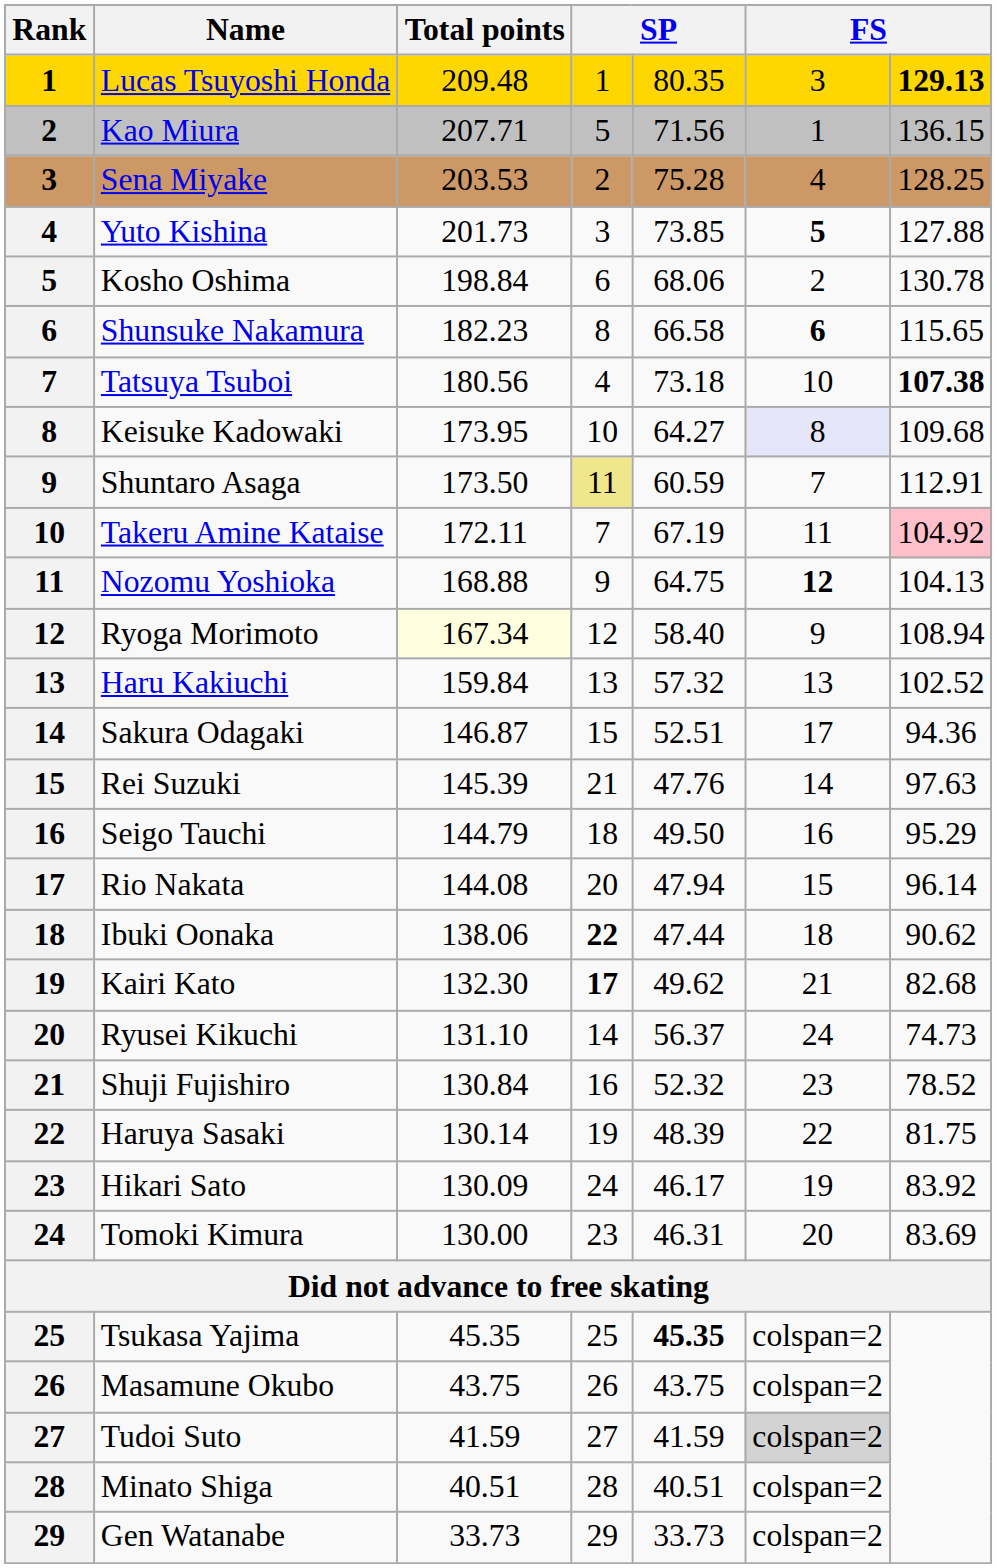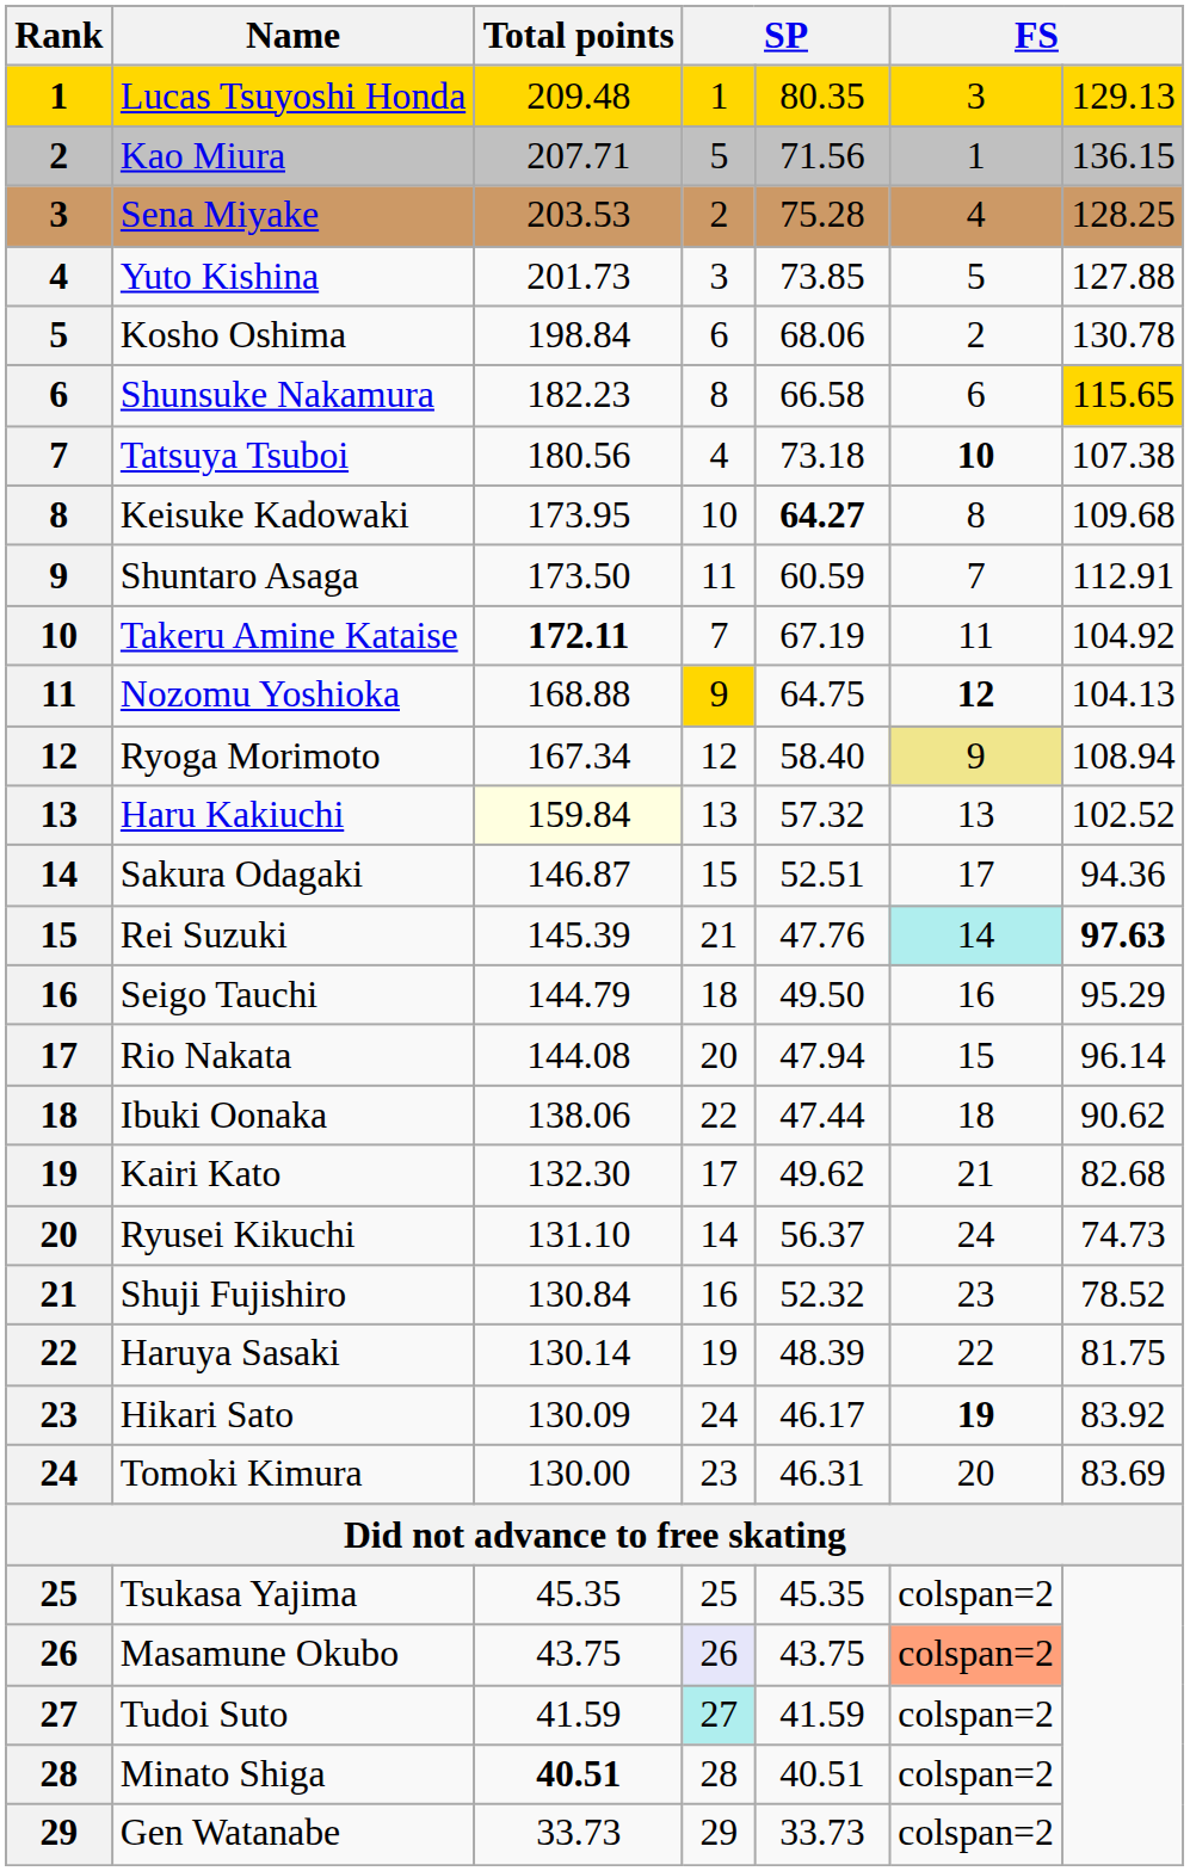 <table class="wikitable sortable">
 <tr>
 <th>Rank</th>
 <th>Name</th>
 <th>Total points</th>
 <th colspan="2" width="80px"><a href='#'>SP</a></th>
 <th colspan="2" width="80px"><a href='#'>FS</a></th>
 </tr>
 <tr bgcolor="gold">
 <td align="center"><strong>1</strong></td>
 <td><a href='#'>Lucas Tsuyoshi Honda</a></td>
 <td align="center">209.48</td>
 <td align="center">1</td>
 <td align="center">80.35</td>
 <td align="center">3</td>
-<td align="center"><strong>129.13</strong></td>
+<td align="center">129.13</td>
 </tr>
 <tr bgcolor="silver">
 <td align="center"><strong>2</strong></td>
 <td><a href='#'>Kao Miura</a></td>
 <td align="center">207.71</td>
 <td align="center">5</td>
 <td align="center">71.56</td>
 <td align="center">1</td>
 <td align="center">136.15</td>
 </tr>
 <tr bgcolor="cc9966">
 <td align="center"><strong>3</strong></td>
 <td><a href='#'>Sena Miyake</a></td>
 <td align="center">203.53</td>
 <td align="center">2</td>
 <td align="center">75.28</td>
 <td align="center">4</td>
 <td align="center">128.25</td>
 </tr>
 <tr>
 <th>4</th>
 <td><a href='#'>Yuto Kishina</a></td>
 <td align="center">201.73</td>
 <td align="center">3</td>
 <td align="center">73.85</td>
-<td align="center"><strong>5</strong></td>
+<td align="center">5</td>
 <td align="center">127.88</td>
 </tr>
 <tr>
 <th>5</th>
 <td>Kosho Oshima</td>
 <td align="center">198.84</td>
 <td align="center">6</td>
 <td align="center">68.06</td>
 <td align="center">2</td>
 <td align="center">130.78</td>
 </tr>
 <tr>
 <th>6</th>
 <td><a href='#'>Shunsuke Nakamura</a></td>
 <td align="center">182.23</td>
 <td align="center">8</td>
 <td align="center">66.58</td>
-<td align="center"><strong>6</strong></td>
-<td align="center">115.65</td>
+<td align="center">6</td>
+<td align="center" style="background: gold;">115.65</td>
 </tr>
 <tr>
 <th>7</th>
 <td><a href='#'>Tatsuya Tsuboi</a></td>
 <td align="center">180.56</td>
 <td align="center">4</td>
 <td align="center">73.18</td>
-<td align="center">10</td>
-<td align="center"><strong>107.38</strong></td>
+<td align="center"><strong>10</strong></td>
+<td align="center">107.38</td>
 </tr>
 <tr>
 <th>8</th>
 <td>Keisuke Kadowaki</td>
 <td align="center">173.95</td>
 <td align="center">10</td>
-<td align="center">64.27</td>
-<td align="center" style="background: lavender;">8</td>
+<td align="center"><strong>64.27</strong></td>
+<td align="center">8</td>
 <td align="center">109.68</td>
 </tr>
 <tr>
 <th>9</th>
 <td>Shuntaro Asaga</td>
 <td align="center">173.50</td>
-<td align="center" style="background: khaki;">11</td>
+<td align="center">11</td>
 <td align="center">60.59</td>
 <td align="center">7</td>
 <td align="center">112.91</td>
 </tr>
 <tr>
 <th>10</th>
 <td><a href='#'>Takeru Amine Kataise</a></td>
-<td align="center">172.11</td>
+<td align="center"><strong>172.11</strong></td>
 <td align="center">7</td>
 <td align="center">67.19</td>
 <td align="center">11</td>
-<td align="center" style="background: pink;">104.92</td>
+<td align="center">104.92</td>
 </tr>
 <tr>
 <th>11</th>
 <td><a href='#'>Nozomu Yoshioka</a></td>
 <td align="center">168.88</td>
-<td align="center">9</td>
+<td align="center" style="background: gold;">9</td>
 <td align="center">64.75</td>
 <td align="center"><strong>12</strong></td>
 <td align="center">104.13</td>
 </tr>
 <tr>
 <th>12</th>
 <td>Ryoga Morimoto</td>
-<td align="center" style="background: lightyellow;">167.34</td>
+<td align="center">167.34</td>
 <td align="center">12</td>
 <td align="center">58.40</td>
-<td align="center">9</td>
+<td align="center" style="background: khaki;">9</td>
 <td align="center">108.94</td>
 </tr>
 <tr>
 <th>13</th>
 <td><a href='#'>Haru Kakiuchi</a></td>
-<td align="center">159.84</td>
+<td align="center" style="background: lightyellow;">159.84</td>
 <td align="center">13</td>
 <td align="center">57.32</td>
 <td align="center">13</td>
 <td align="center">102.52</td>
 </tr>
 <tr>
 <th>14</th>
 <td>Sakura Odagaki</td>
 <td align="center">146.87</td>
 <td align="center">15</td>
 <td align="center">52.51</td>
 <td align="center">17</td>
 <td align="center">94.36</td>
 </tr>
 <tr>
 <th>15</th>
 <td>Rei Suzuki</td>
 <td align="center">145.39</td>
 <td align="center">21</td>
 <td align="center">47.76</td>
-<td align="center">14</td>
-<td align="center">97.63</td>
+<td align="center" style="background: paleturquoise;">14</td>
+<td align="center"><strong>97.63</strong></td>
 </tr>
 <tr>
 <th>16</th>
 <td>Seigo Tauchi</td>
 <td align="center">144.79</td>
 <td align="center">18</td>
 <td align="center">49.50</td>
 <td align="center">16</td>
 <td align="center">95.29</td>
 </tr>
 <tr>
 <th>17</th>
 <td>Rio Nakata</td>
 <td align="center">144.08</td>
 <td align="center">20</td>
 <td align="center">47.94</td>
 <td align="center">15</td>
 <td align="center">96.14</td>
 </tr>
 <tr>
 <th>18</th>
 <td>Ibuki Oonaka</td>
 <td align="center">138.06</td>
-<td align="center"><strong>22</strong></td>
+<td align="center">22</td>
 <td align="center">47.44</td>
 <td align="center">18</td>
 <td align="center">90.62</td>
 </tr>
 <tr>
 <th>19</th>
 <td>Kairi Kato</td>
 <td align="center">132.30</td>
-<td align="center"><strong>17</strong></td>
+<td align="center">17</td>
 <td align="center">49.62</td>
 <td align="center">21</td>
 <td align="center">82.68</td>
 </tr>
 <tr>
 <th>20</th>
 <td>Ryusei Kikuchi</td>
 <td align="center">131.10</td>
 <td align="center">14</td>
 <td align="center">56.37</td>
 <td align="center">24</td>
 <td align="center">74.73</td>
 </tr>
 <tr>
 <th>21</th>
 <td>Shuji Fujishiro</td>
 <td align="center">130.84</td>
 <td align="center">16</td>
 <td align="center">52.32</td>
 <td align="center">23</td>
 <td align="center">78.52</td>
 </tr>
 <tr>
 <th>22</th>
 <td>Haruya Sasaki</td>
 <td align="center">130.14</td>
 <td align="center">19</td>
 <td align="center">48.39</td>
 <td align="center">22</td>
 <td align="center">81.75</td>
 </tr>
 <tr>
 <th>23</th>
 <td>Hikari Sato</td>
 <td align="center">130.09</td>
 <td align="center">24</td>
 <td align="center">46.17</td>
-<td align="center">19</td>
+<td align="center"><strong>19</strong></td>
 <td align="center">83.92</td>
 </tr>
 <tr>
 <th>24</th>
 <td>Tomoki Kimura</td>
 <td align="center">130.00</td>
 <td align="center">23</td>
 <td align="center">46.31</td>
 <td align="center">20</td>
 <td align="center">83.69</td>
 </tr>
 <tr>
 <th colspan=8>Did not advance to free skating</th>
 </tr>
 <tr>
 <th>25</th>
 <td>Tsukasa Yajima</td>
 <td align="center">45.35</td>
 <td align="center">25</td>
-<td align="center"><strong>45.35</strong></td>
+<td align="center">45.35</td>
 <td>colspan=2 </td>
 </tr>
 <tr>
 <th>26</th>
 <td>Masamune Okubo</td>
 <td align="center">43.75</td>
-<td align="center">26</td>
+<td align="center" style="background: lavender;">26</td>
 <td align="center">43.75</td>
-<td>colspan=2 </td>
+<td style="background: lightsalmon;">colspan=2 </td>
 </tr>
 <tr>
 <th>27</th>
 <td>Tudoi Suto</td>
 <td align="center">41.59</td>
-<td align="center">27</td>
+<td align="center" style="background: paleturquoise;">27</td>
 <td align="center">41.59</td>
-<td style="background: lightgrey;">colspan=2 </td>
+<td>colspan=2 </td>
 </tr>
 <tr>
 <th>28</th>
 <td>Minato Shiga</td>
-<td align="center">40.51</td>
+<td align="center"><strong>40.51</strong></td>
 <td align="center">28</td>
 <td align="center">40.51</td>
 <td>colspan=2 </td>
 </tr>
 <tr>
 <th>29</th>
 <td>Gen Watanabe</td>
 <td align="center">33.73</td>
 <td align="center">29</td>
 <td align="center">33.73</td>
 <td>colspan=2 </td>
 </tr>
 </table>
